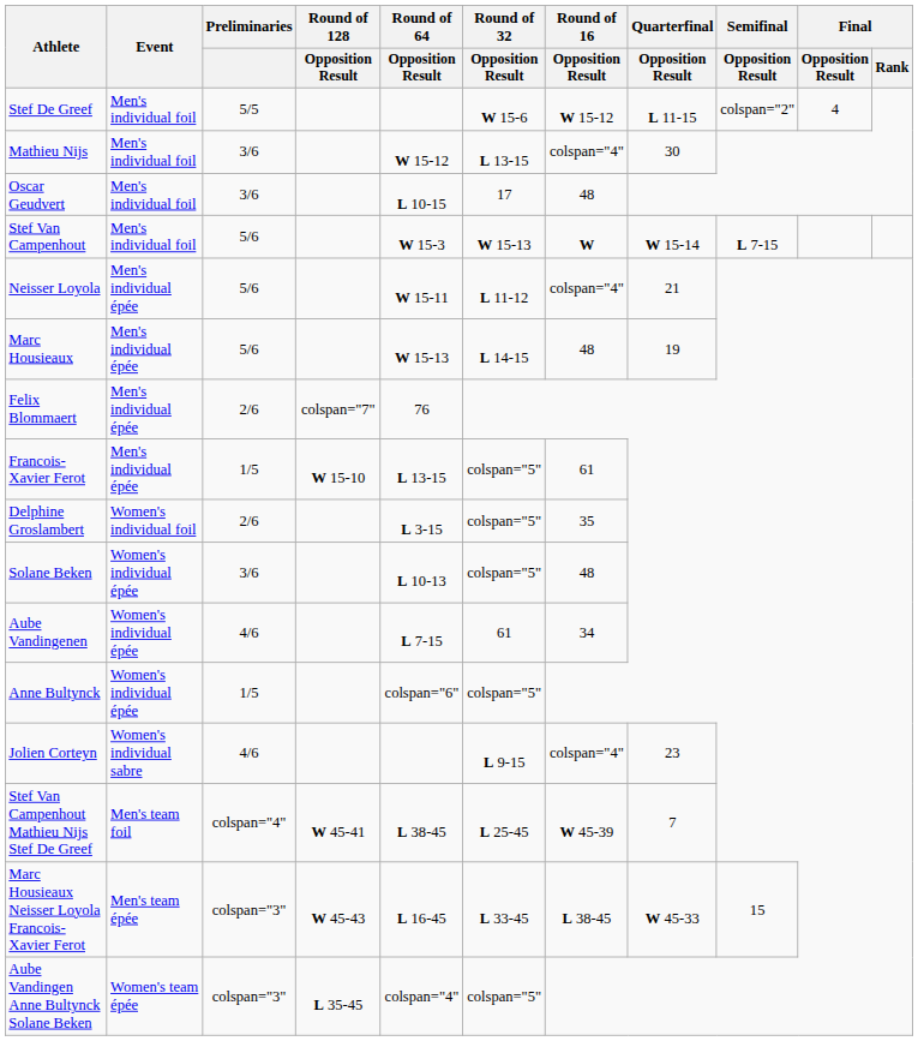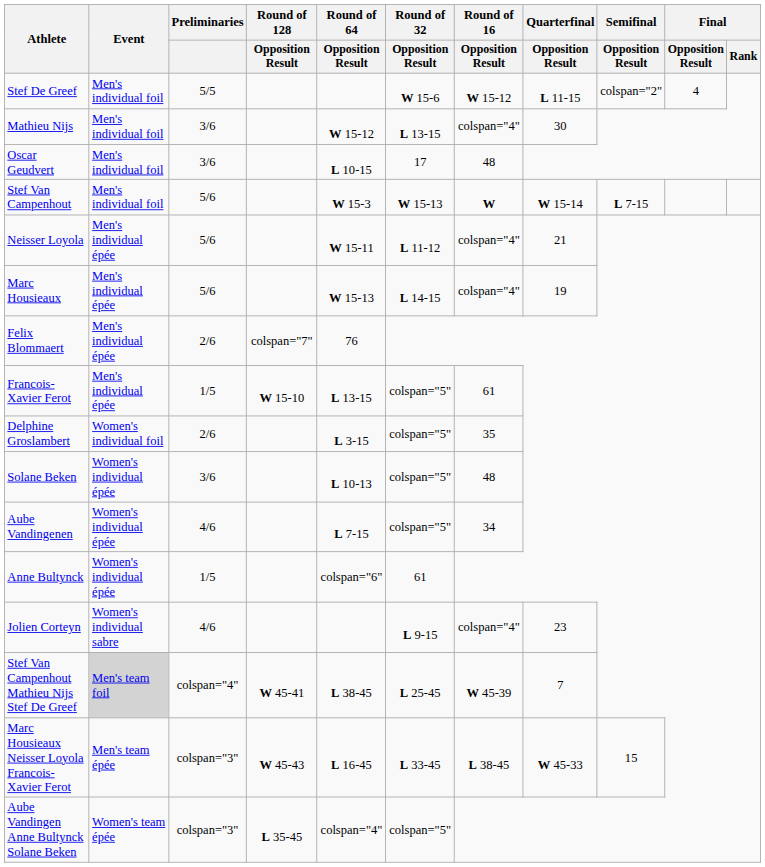 <table class="wikitable" style="text-align:center; font-size:90%">
 <tr>
 <th rowspan="2">Athlete</th>
 <th rowspan="2">Event</th>
 <th>Preliminaries</th>
 <th>Round of 128</th>
 <th>Round of 64</th>
 <th>Round of 32</th>
 <th>Round of 16</th>
 <th>Quarterfinal</th>
 <th>Semifinal</th>
 <th colspan="2">Final</th>
 </tr>
 <tr style="font-size:95%">
 <th></th>
 <th>Opposition<br>Result</th>
 <th>Opposition<br>Result</th>
 <th>Opposition<br>Result</th>
 <th>Opposition<br>Result</th>
 <th>Opposition<br>Result</th>
 <th>Opposition<br>Result</th>
 <th>Opposition<br>Result</th>
 <th>Rank</th>
 </tr>
 <tr>
 <td align="left"><a href='#'>Stef De Greef</a></td>
 <td align="left"><a href='#'>Men's individual foil</a></td>
 <td>5/5</td>
 <td></td>
 <td></td>
 <td><br><strong>W</strong> 15-6</td>
 <td><br><strong>W</strong> 15-12</td>
 <td><br><strong>L</strong> 11-15</td>
 <td>colspan="2" </td>
 <td>4</td>
 </tr>
 <tr>
 <td align="left"><a href='#'>Mathieu Nijs</a></td>
 <td align="left"><a href='#'>Men's individual foil</a></td>
 <td>3/6</td>
 <td></td>
 <td><br><strong>W</strong> 15-12</td>
 <td><br><strong>L</strong> 13-15</td>
 <td>colspan="4" </td>
 <td>30</td>
 </tr>
 <tr>
 <td align="left"><a href='#'>Oscar Geudvert</a></td>
 <td align="left"><a href='#'>Men's individual foil</a></td>
 <td>3/6</td>
 <td></td>
 <td><br><strong>L</strong> 10-15</td>
 <td>17</td>
 <td>48</td>
 </tr>
 <tr>
 <td align="left"><a href='#'>Stef Van Campenhout</a></td>
 <td align="left"><a href='#'>Men's individual foil</a></td>
 <td>5/6</td>
 <td></td>
 <td><br><strong>W</strong> 15-3</td>
 <td><br><strong>W</strong> 15-13</td>
 <td><br><strong>W</strong> </td>
 <td><br><strong>W</strong> 15-14</td>
 <td><br><strong>L</strong> 7-15</td>
 <td></td>
 <td></td>
 </tr>
 <tr>
 <td align="left"><a href='#'>Neisser Loyola</a></td>
 <td align="left"><a href='#'>Men's individual épée</a></td>
 <td>5/6</td>
 <td></td>
 <td><br><strong>W</strong> 15-11</td>
 <td><br><strong>L</strong> 11-12</td>
 <td>colspan="4" </td>
 <td>21</td>
 </tr>
 <tr>
 <td align="left"><a href='#'>Marc Housieaux</a></td>
 <td align="left"><a href='#'>Men's individual épée</a></td>
 <td>5/6</td>
 <td></td>
 <td><br><strong>W</strong> 15-13</td>
 <td><br><strong>L</strong> 14-15</td>
-<td>48</td>
+<td>colspan="4" </td>
 <td>19</td>
 </tr>
 <tr>
 <td align="left"><a href='#'>Felix Blommaert</a></td>
 <td align="left"><a href='#'>Men's individual épée</a></td>
 <td>2/6</td>
 <td>colspan="7" </td>
 <td>76</td>
 </tr>
 <tr>
 <td align="left"><a href='#'>Francois-Xavier Ferot</a></td>
 <td align="left"><a href='#'>Men's individual épée</a></td>
 <td>1/5</td>
 <td><br><strong>W</strong> 15-10</td>
 <td><br><strong>L</strong> 13-15</td>
 <td>colspan="5" </td>
 <td>61</td>
 </tr>
 <tr>
 <td align="left"><a href='#'>Delphine Groslambert</a></td>
 <td align="left"><a href='#'>Women's individual foil</a></td>
 <td>2/6</td>
 <td></td>
 <td><br><strong>L</strong> 3-15</td>
 <td>colspan="5" </td>
 <td>35</td>
 </tr>
 <tr>
 <td align="left"><a href='#'>Solane Beken</a></td>
 <td align="left"><a href='#'>Women's individual épée</a></td>
 <td>3/6</td>
 <td></td>
 <td><br><strong>L</strong> 10-13</td>
 <td>colspan="5" </td>
 <td>48</td>
 </tr>
 <tr>
 <td align="left"><a href='#'>Aube Vandingenen</a></td>
 <td align="left"><a href='#'>Women's individual épée</a></td>
 <td>4/6</td>
 <td></td>
 <td><br><strong>L</strong> 7-15</td>
-<td>61</td>
+<td>colspan="5" </td>
 <td>34</td>
 </tr>
 <tr>
 <td align="left"><a href='#'>Anne Bultynck</a></td>
 <td align="left"><a href='#'>Women's individual épée</a></td>
 <td>1/5</td>
 <td></td>
 <td>colspan="6" </td>
-<td>colspan="5" </td>
+<td>61</td>
 </tr>
 <tr>
 <td align="left"><a href='#'>Jolien Corteyn</a></td>
 <td align="left"><a href='#'>Women's individual sabre</a></td>
 <td>4/6</td>
 <td></td>
 <td></td>
 <td><br><strong>L</strong> 9-15</td>
 <td>colspan="4" </td>
 <td>23</td>
 </tr>
 <tr>
 <td align="left"><a href='#'>Stef Van Campenhout</a><br><a href='#'>Mathieu Nijs</a><br><a href='#'>Stef De Greef</a></td>
-<td align="left"><a href='#'>Men's team foil</a></td>
+<td align="left" style="background: lightgrey;"><a href='#'>Men's team foil</a></td>
 <td>colspan="4" </td>
 <td><br><strong>W</strong> 45-41</td>
 <td><br><strong>L</strong> 38-45</td>
 <td><br><strong>L</strong> 25-45</td>
 <td><br><strong>W</strong> 45-39</td>
 <td>7</td>
 </tr>
 <tr>
 <td align="left"><a href='#'>Marc Housieaux</a><br><a href='#'>Neisser Loyola</a><br><a href='#'>Francois-Xavier Ferot</a></td>
 <td align="left"><a href='#'>Men's team épée</a></td>
 <td>colspan="3" </td>
 <td><br><strong>W</strong> 45-43</td>
 <td><br><strong>L</strong> 16-45</td>
 <td><br><strong>L</strong> 33-45</td>
 <td><br><strong>L</strong> 38-45</td>
 <td><br><strong>W</strong> 45-33</td>
 <td>15</td>
 </tr>
 <tr>
 <td align="left"><a href='#'>Aube Vandingen</a><br><a href='#'>Anne Bultynck</a><br><a href='#'>Solane Beken</a></td>
 <td align="left"><a href='#'>Women's team épée</a></td>
 <td>colspan="3" </td>
 <td><br><strong>L</strong> 35-45</td>
 <td>colspan="4" </td>
 <td>colspan="5" </td>
 </tr>
 </table>
